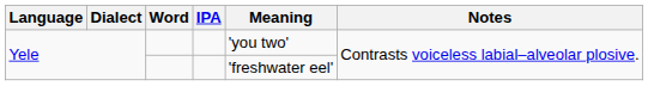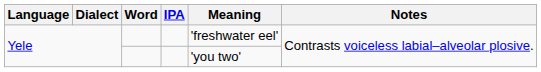 <table class="wikitable">
 <tr>
 <th>Language</th>
 <th>Dialect</th>
 <th>Word</th>
 <th><a href='#'>IPA</a></th>
 <th>Meaning</th>
 <th>Notes</th>
 </tr>
 <tr>
 <td rowspan="2" colspan="2"><a href='#'>Yele</a></td>
 <td></td>
 <td></td>
-<td>'you two'</td>
+<td>'freshwater eel'</td>
 <td rowspan="2">Contrasts <a href='#'>voiceless labial–alveolar plosive</a>.</td>
 </tr>
 <tr>
 <td></td>
 <td></td>
-<td>'freshwater eel'</td>
+<td>'you two'</td>
 </tr>
 </table>
